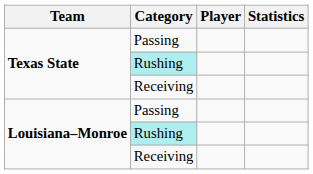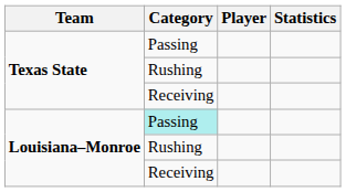 <table class="wikitable" style="float: left;">
 <tr>
 <th>Team</th>
 <th>Category</th>
 <th>Player</th>
 <th>Statistics</th>
 </tr>
 <tr>
 <td rowspan=3><strong>Texas State</strong></td>
 <td>Passing</td>
 <td></td>
 <td></td>
 </tr>
 <tr>
-<td style="background: paleturquoise;">Rushing</td>
+<td>Rushing</td>
 <td></td>
 <td></td>
 </tr>
 <tr>
 <td>Receiving</td>
 <td></td>
 <td></td>
 </tr>
 <tr>
 <td rowspan=3><strong>Louisiana–Monroe</strong></td>
-<td>Passing</td>
+<td style="background: paleturquoise;">Passing</td>
 <td></td>
 <td></td>
 </tr>
 <tr>
-<td style="background: paleturquoise;">Rushing</td>
+<td>Rushing</td>
 <td></td>
 <td></td>
 </tr>
 <tr>
 <td>Receiving</td>
 <td></td>
 <td></td>
 </tr>
 </table>
